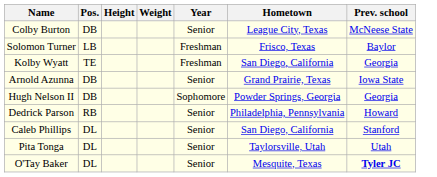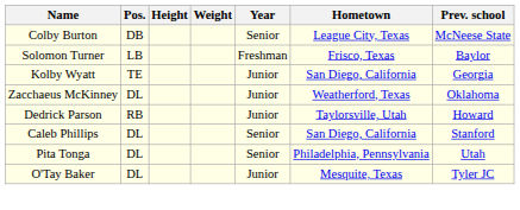 <table class="wikitable sortable" style="text-align: center;">
 <tr>
 <th>Name</th>
 <th>Pos.</th>
 <th>Height</th>
 <th>Weight</th>
 <th>Year</th>
 <th>Hometown</th>
 <th class="unsortable">Prev. school</th>
 </tr>
 <tr style="background:#FFFFE6;">
 <td>Colby Burton</td>
 <td>DB</td>
 <td></td>
 <td></td>
 <td>Senior</td>
 <td><a href='#'>League City, Texas</a></td>
 <td><a href='#'>McNeese State</a></td>
 </tr>
 <tr style="background:#FFFFE6;">
 <td>Solomon Turner</td>
 <td>LB</td>
 <td></td>
 <td></td>
 <td> Freshman</td>
 <td><a href='#'>Frisco, Texas</a></td>
 <td><a href='#'>Baylor</a></td>
 </tr>
 <tr style="background:#FFFFE6;">
 <td>Kolby Wyatt</td>
 <td>TE</td>
 <td></td>
 <td></td>
-<td> Freshman</td>
+<td>Junior</td>
 <td><a href='#'>San Diego, California</a></td>
 <td><a href='#'>Georgia</a></td>
 </tr>
 <tr style="background:#FFFFE6;">
-<td>Arnold Azunna</td>
-<td>DB</td>
+<td>Zacchaeus McKinney</td>
+<td>DL</td>
 <td></td>
 <td></td>
-<td> Senior</td>
-<td><a href='#'>Grand Prairie, Texas</a></td>
-<td><a href='#'>Iowa State</a></td>
-</tr>
-<tr style="background:#FFFFE6;">
-<td>Hugh Nelson II</td>
-<td>DB</td>
-<td></td>
-<td></td>
-<td> Sophomore</td>
-<td><a href='#'>Powder Springs, Georgia</a></td>
-<td><a href='#'>Georgia</a></td>
+<td> Junior</td>
+<td><a href='#'>Weatherford, Texas</a></td>
+<td><a href='#'>Oklahoma</a></td>
 </tr>
 <tr style="background:#FFFFE6;">
 <td>Dedrick Parson</td>
 <td>RB</td>
 <td></td>
 <td></td>
-<td> Senior</td>
-<td><a href='#'>Philadelphia, Pennsylvania</a></td>
+<td> Junior</td>
+<td><a href='#'>Taylorsville, Utah</a></td>
 <td><a href='#'>Howard</a></td>
 </tr>
 <tr style="background:#FFFFE6;">
 <td>Caleb Phillips</td>
 <td>DL</td>
 <td></td>
 <td></td>
 <td>Senior</td>
 <td><a href='#'>San Diego, California</a></td>
 <td><a href='#'>Stanford</a></td>
 </tr>
 <tr style="background:#FFFFE6;">
 <td>Pita Tonga</td>
 <td>DL</td>
 <td></td>
 <td></td>
 <td>Senior</td>
-<td><a href='#'>Taylorsville, Utah</a></td>
+<td><a href='#'>Philadelphia, Pennsylvania</a></td>
 <td><a href='#'>Utah</a></td>
 </tr>
 <tr style="background:#FFFFE6;">
 <td>O'Tay Baker</td>
 <td>DL</td>
 <td></td>
 <td></td>
-<td> Senior</td>
+<td>Junior</td>
 <td><a href='#'>Mesquite, Texas</a></td>
-<td><strong><a href='#'>Tyler JC</a></strong></td>
+<td><a href='#'>Tyler JC</a></td>
 </tr>
 </table>
